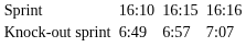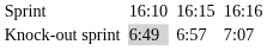 <table>
 <tr>
 <td>Sprint</td>
 <td></td>
 <td>16:10</td>
 <td></td>
 <td>16:15</td>
 <td></td>
 <td>16:16</td>
 </tr>
 <tr>
 <td>Knock-out sprint</td>
 <td></td>
-<td>6:49</td>
+<td style="background: lightgrey;">6:49</td>
 <td></td>
 <td>6:57</td>
 <td></td>
 <td>7:07</td>
 </tr>
 </table>
